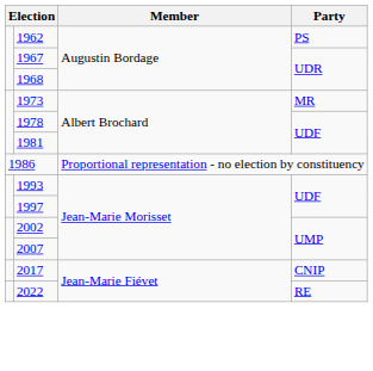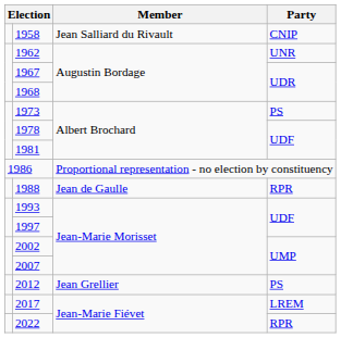 <table class="wikitable">
 <tr>
 <th colspan="2">Election</th>
 <th>Member</th>
 <th>Party</th>
 </tr>
 <tr>
+<td style="background-color: "></td>
+<td><a href='#'>1958</a></td>
+<td>Jean Salliard du Rivault</td>
+<td><a href='#'>CNIP</a></td>
+</tr>
+<tr>
 <td rowspan="3" style="background-color: "></td>
 <td><a href='#'>1962</a></td>
 <td rowspan="3">Augustin Bordage</td>
-<td><a href='#'>PS</a></td>
+<td><a href='#'>UNR</a></td>
 </tr>
 <tr>
 <td><a href='#'>1967</a></td>
 <td rowspan="2"><a href='#'>UDR</a></td>
 </tr>
 <tr>
 <td><a href='#'>1968</a></td>
 </tr>
 <tr>
 <td rowspan="3" style="background-color: "></td>
 <td><a href='#'>1973</a></td>
 <td rowspan="3">Albert Brochard</td>
-<td><a href='#'>MR</a></td>
+<td><a href='#'>PS</a></td>
 </tr>
 <tr>
 <td><a href='#'>1978</a></td>
 <td rowspan="2"><a href='#'>UDF</a></td>
 </tr>
 <tr>
 <td><a href='#'>1981</a></td>
 </tr>
 <tr>
 <td colspan="2"><a href='#'>1986</a></td>
 <td colspan="2"><a href='#'>Proportional representation</a> - no election by constituency</td>
+</tr>
+<tr>
+<td style="background-color: "></td>
+<td><a href='#'>1988</a></td>
+<td><a href='#'>Jean de Gaulle</a></td>
+<td><a href='#'>RPR</a></td>
 </tr>
 <tr>
 <td rowspan="2" style="background-color: "></td>
 <td><a href='#'>1993</a></td>
 <td rowspan="4"><a href='#'>Jean-Marie Morisset</a></td>
 <td rowspan="2"><a href='#'>UDF</a></td>
 </tr>
 <tr>
 <td><a href='#'>1997</a></td>
 </tr>
 <tr>
 <td rowspan="2" style="background-color: "></td>
 <td><a href='#'>2002</a></td>
 <td rowspan="2"><a href='#'>UMP</a></td>
 </tr>
 <tr>
 <td><a href='#'>2007</a></td>
 </tr>
 <tr>
 <td style="background-color: "></td>
+<td><a href='#'>2012</a></td>
+<td><a href='#'>Jean Grellier</a></td>
+<td><a href='#'>PS</a></td>
+</tr>
+<tr>
+<td style="background-color: "></td>
 <td><a href='#'>2017</a></td>
 <td rowspan="2"><a href='#'>Jean-Marie Fiévet</a></td>
-<td><a href='#'>CNIP</a></td>
+<td><a href='#'>LREM</a></td>
 </tr>
 <tr>
 <td style="background-color: "></td>
 <td><a href='#'>2022</a></td>
-<td><a href='#'>RE</a></td>
+<td><a href='#'>RPR</a></td>
 </tr>
 </table>
